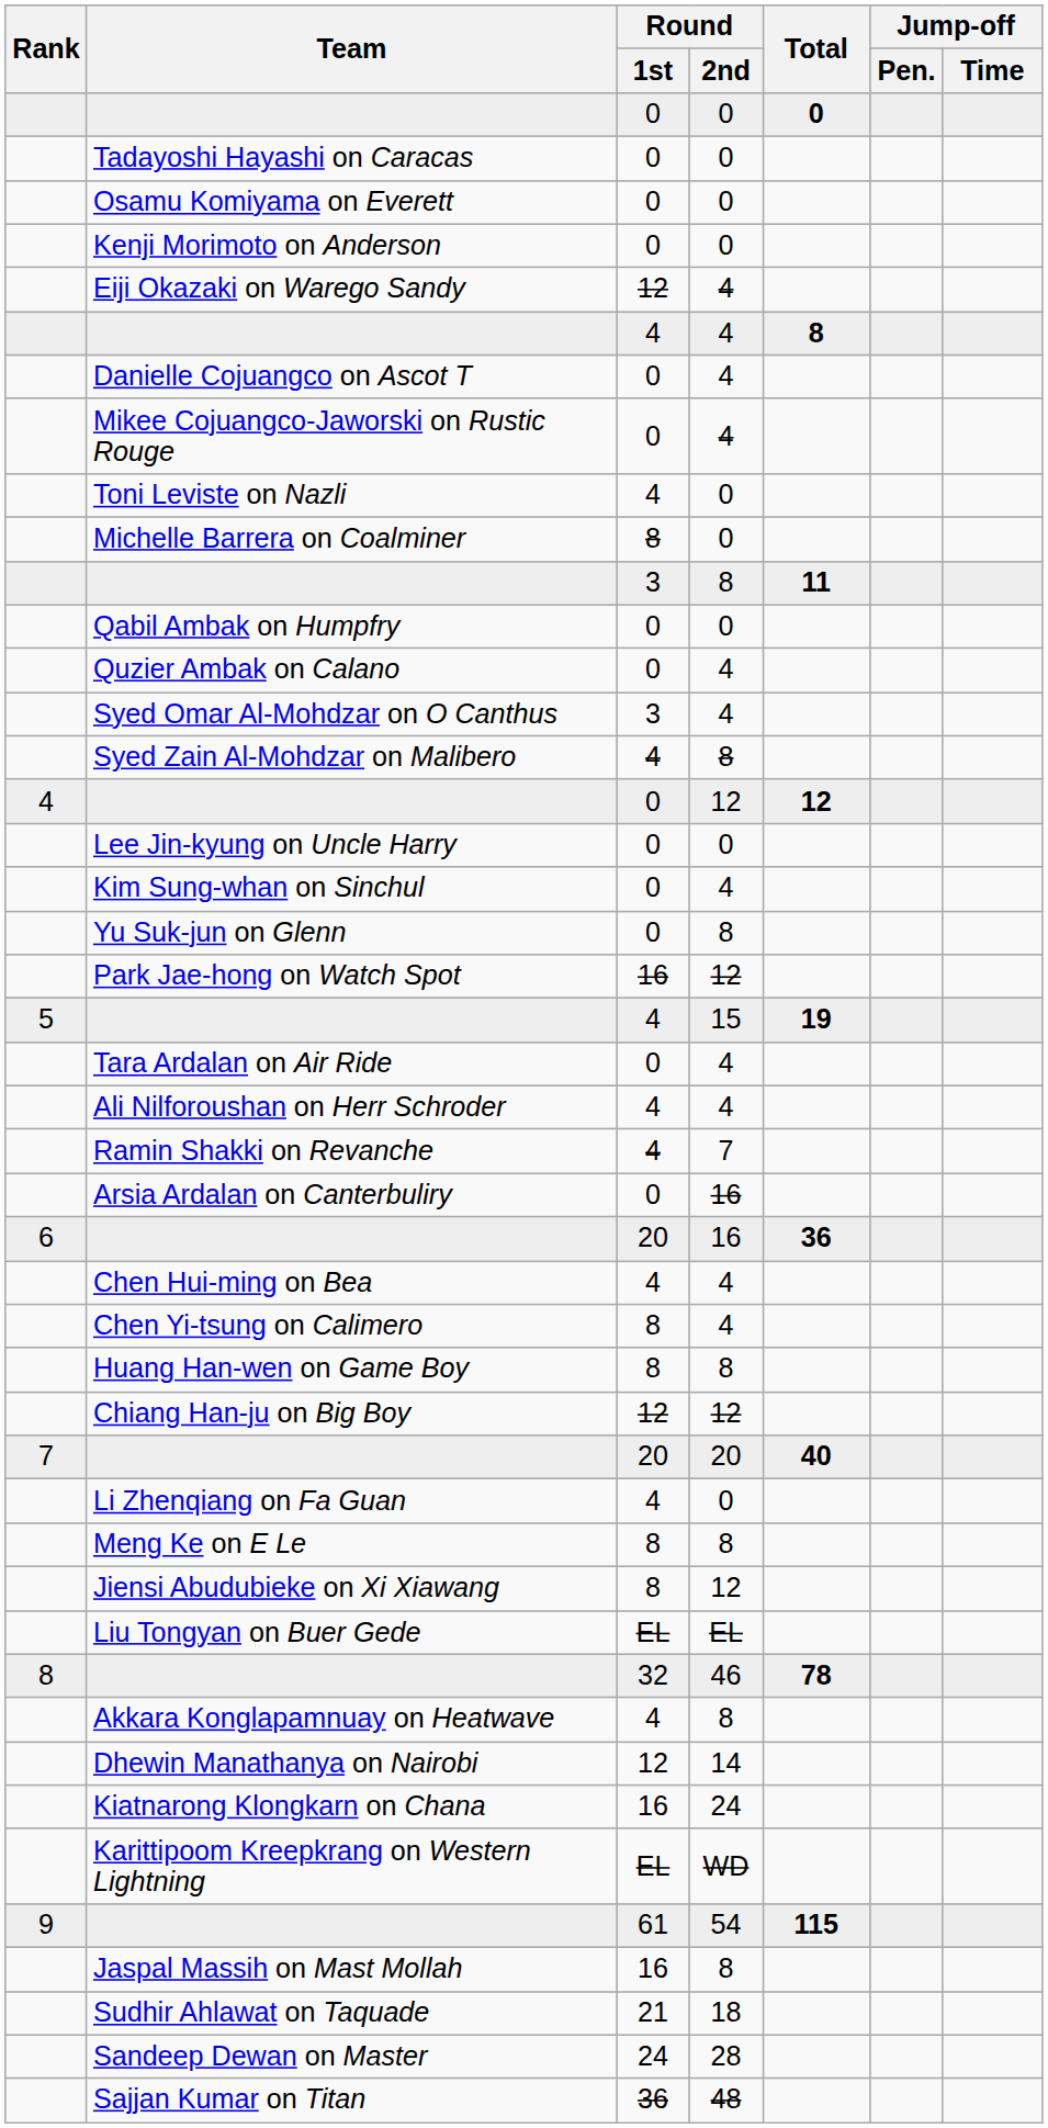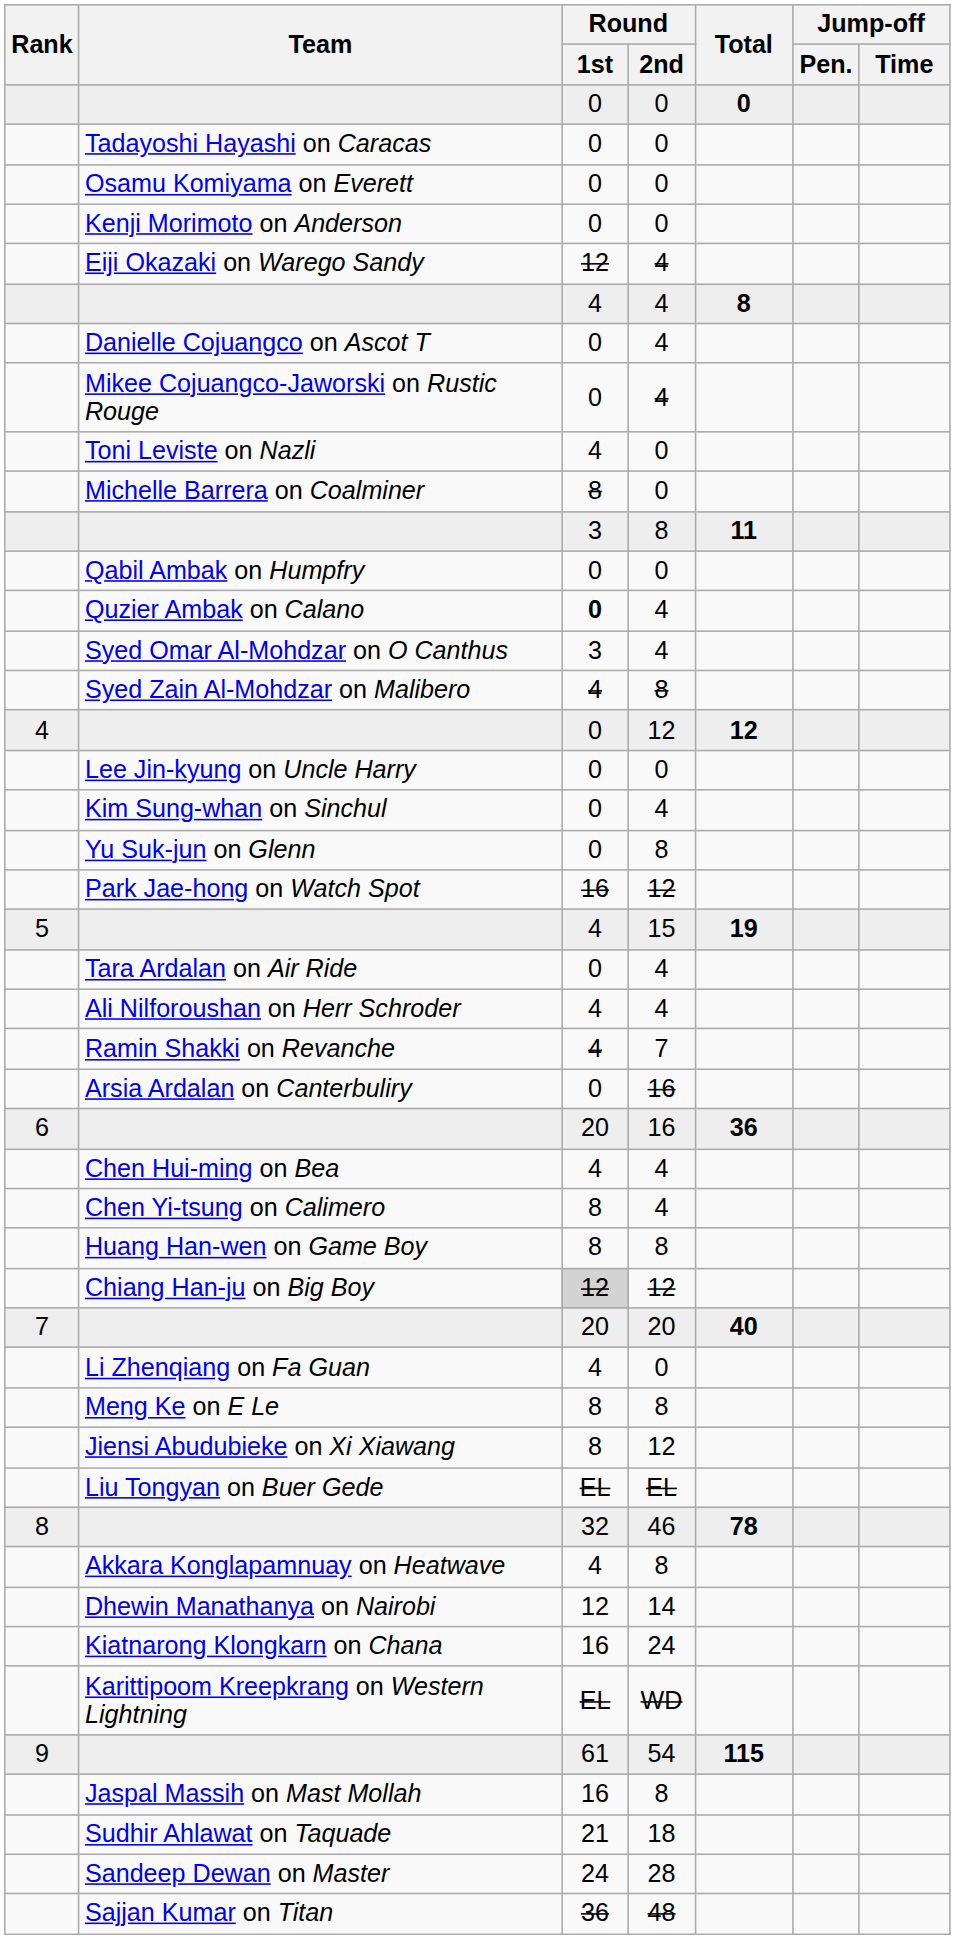 <table class=wikitable style="text-align:center">
 <tr>
 <th rowspan=2 width=40>Rank</th>
 <th rowspan=2 width=300>Team</th>
 <th colspan=2>Round</th>
 <th rowspan=2 width=55>Total</th>
 <th colspan=2>Jump-off</th>
 </tr>
 <tr>
 <th width=35>1st</th>
 <th width=35>2nd</th>
 <th width=35>Pen.</th>
 <th width=50>Time</th>
 </tr>
 <tr bgcolor=eeeeee>
 <td></td>
 <td align=left></td>
 <td>0</td>
 <td>0</td>
 <td><strong>0</strong></td>
 <td></td>
 <td></td>
 </tr>
 <tr>
 <td></td>
 <td align=left><a href='#'>Tadayoshi Hayashi</a> on <em>Caracas</em></td>
 <td>0</td>
 <td>0</td>
 <td></td>
 <td></td>
 <td></td>
 </tr>
 <tr>
 <td></td>
 <td align=left><a href='#'>Osamu Komiyama</a> on <em>Everett</em></td>
 <td>0</td>
 <td>0</td>
 <td></td>
 <td></td>
 <td></td>
 </tr>
 <tr>
 <td></td>
 <td align=left><a href='#'>Kenji Morimoto</a> on <em>Anderson</em></td>
 <td>0</td>
 <td>0</td>
 <td></td>
 <td></td>
 <td></td>
 </tr>
 <tr>
 <td></td>
 <td align=left><a href='#'>Eiji Okazaki</a> on <em>Warego Sandy</em></td>
 <td><s>12</s></td>
 <td><s>4</s></td>
 <td></td>
 <td></td>
 <td></td>
 </tr>
 <tr bgcolor=eeeeee>
 <td></td>
 <td align=left></td>
 <td>4</td>
 <td>4</td>
 <td><strong>8</strong></td>
 <td></td>
 <td></td>
 </tr>
 <tr>
 <td></td>
 <td align=left><a href='#'>Danielle Cojuangco</a> on <em>Ascot T</em></td>
 <td>0</td>
 <td>4</td>
 <td></td>
 <td></td>
 <td></td>
 </tr>
 <tr>
 <td></td>
 <td align=left><a href='#'>Mikee Cojuangco-Jaworski</a> on <em>Rustic Rouge</em></td>
 <td>0</td>
 <td><s>4</s></td>
 <td></td>
 <td></td>
 <td></td>
 </tr>
 <tr>
 <td></td>
 <td align=left><a href='#'>Toni Leviste</a> on <em>Nazli</em></td>
 <td>4</td>
 <td>0</td>
 <td></td>
 <td></td>
 <td></td>
 </tr>
 <tr>
 <td></td>
 <td align=left><a href='#'>Michelle Barrera</a> on <em>Coalminer</em></td>
 <td><s>8</s></td>
 <td>0</td>
 <td></td>
 <td></td>
 <td></td>
 </tr>
 <tr bgcolor=eeeeee>
 <td></td>
 <td align=left></td>
 <td>3</td>
 <td>8</td>
 <td><strong>11</strong></td>
 <td></td>
 <td></td>
 </tr>
 <tr>
 <td></td>
 <td align=left><a href='#'>Qabil Ambak</a> on <em>Humpfry</em></td>
 <td>0</td>
 <td>0</td>
 <td></td>
 <td></td>
 <td></td>
 </tr>
 <tr>
 <td></td>
 <td align=left><a href='#'>Quzier Ambak</a> on <em>Calano</em></td>
-<td>0</td>
+<td><strong>0</strong></td>
 <td>4</td>
 <td></td>
 <td></td>
 <td></td>
 </tr>
 <tr>
 <td></td>
 <td align=left><a href='#'>Syed Omar Al-Mohdzar</a> on <em>O Canthus</em></td>
 <td>3</td>
 <td>4</td>
 <td></td>
 <td></td>
 <td></td>
 </tr>
 <tr>
 <td></td>
 <td align=left><a href='#'>Syed Zain Al-Mohdzar</a> on <em>Malibero</em></td>
 <td><s>4</s></td>
 <td><s>8</s></td>
 <td></td>
 <td></td>
 <td></td>
 </tr>
 <tr bgcolor=eeeeee>
 <td>4</td>
 <td align=left></td>
 <td>0</td>
 <td>12</td>
 <td><strong>12</strong></td>
 <td></td>
 <td></td>
 </tr>
 <tr>
 <td></td>
 <td align=left><a href='#'>Lee Jin-kyung</a> on <em>Uncle Harry</em></td>
 <td>0</td>
 <td>0</td>
 <td></td>
 <td></td>
 <td></td>
 </tr>
 <tr>
 <td></td>
 <td align=left><a href='#'>Kim Sung-whan</a> on <em>Sinchul</em></td>
 <td>0</td>
 <td>4</td>
 <td></td>
 <td></td>
 <td></td>
 </tr>
 <tr>
 <td></td>
 <td align=left><a href='#'>Yu Suk-jun</a> on <em>Glenn</em></td>
 <td>0</td>
 <td>8</td>
 <td></td>
 <td></td>
 <td></td>
 </tr>
 <tr>
 <td></td>
 <td align=left><a href='#'>Park Jae-hong</a> on <em>Watch Spot</em></td>
 <td><s>16</s></td>
 <td><s>12</s></td>
 <td></td>
 <td></td>
 <td></td>
 </tr>
 <tr bgcolor=eeeeee>
 <td>5</td>
 <td align=left></td>
 <td>4</td>
 <td>15</td>
 <td><strong>19</strong></td>
 <td></td>
 <td></td>
 </tr>
 <tr>
 <td></td>
 <td align=left><a href='#'>Tara Ardalan</a> on <em>Air Ride</em></td>
 <td>0</td>
 <td>4</td>
 <td></td>
 <td></td>
 <td></td>
 </tr>
 <tr>
 <td></td>
 <td align=left><a href='#'>Ali Nilforoushan</a> on <em>Herr Schroder</em></td>
 <td>4</td>
 <td>4</td>
 <td></td>
 <td></td>
 <td></td>
 </tr>
 <tr>
 <td></td>
 <td align=left><a href='#'>Ramin Shakki</a> on <em>Revanche</em></td>
 <td><s>4</s></td>
 <td>7</td>
 <td></td>
 <td></td>
 <td></td>
 </tr>
 <tr>
 <td></td>
 <td align=left><a href='#'>Arsia Ardalan</a> on <em>Canterbuliry</em></td>
 <td>0</td>
 <td><s>16</s></td>
 <td></td>
 <td></td>
 <td></td>
 </tr>
 <tr bgcolor=eeeeee>
 <td>6</td>
 <td align=left></td>
 <td>20</td>
 <td>16</td>
 <td><strong>36</strong></td>
 <td></td>
 <td></td>
 </tr>
 <tr>
 <td></td>
 <td align=left><a href='#'>Chen Hui-ming</a> on <em>Bea</em></td>
 <td>4</td>
 <td>4</td>
 <td></td>
 <td></td>
 <td></td>
 </tr>
 <tr>
 <td></td>
 <td align=left><a href='#'>Chen Yi-tsung</a> on <em>Calimero</em></td>
 <td>8</td>
 <td>4</td>
 <td></td>
 <td></td>
 <td></td>
 </tr>
 <tr>
 <td></td>
 <td align=left><a href='#'>Huang Han-wen</a> on <em>Game Boy</em></td>
 <td>8</td>
 <td>8</td>
 <td></td>
 <td></td>
 <td></td>
 </tr>
 <tr>
 <td></td>
 <td align=left><a href='#'>Chiang Han-ju</a> on <em>Big Boy</em></td>
-<td><s>12</s></td>
+<td style="background: lightgrey;"><s>12</s></td>
 <td><s>12</s></td>
 <td></td>
 <td></td>
 <td></td>
 </tr>
 <tr bgcolor=eeeeee>
 <td>7</td>
 <td align=left></td>
 <td>20</td>
 <td>20</td>
 <td><strong>40</strong></td>
 <td></td>
 <td></td>
 </tr>
 <tr>
 <td></td>
 <td align=left><a href='#'>Li Zhenqiang</a> on <em>Fa Guan</em></td>
 <td>4</td>
 <td>0</td>
 <td></td>
 <td></td>
 <td></td>
 </tr>
 <tr>
 <td></td>
 <td align=left><a href='#'>Meng Ke</a> on <em>E Le</em></td>
 <td>8</td>
 <td>8</td>
 <td></td>
 <td></td>
 <td></td>
 </tr>
 <tr>
 <td></td>
 <td align=left><a href='#'>Jiensi Abudubieke</a> on <em>Xi Xiawang</em></td>
 <td>8</td>
 <td>12</td>
 <td></td>
 <td></td>
 <td></td>
 </tr>
 <tr>
 <td></td>
 <td align=left><a href='#'>Liu Tongyan</a> on <em>Buer Gede</em></td>
 <td><s>EL</s></td>
 <td><s>EL</s></td>
 <td></td>
 <td></td>
 <td></td>
 </tr>
 <tr bgcolor=eeeeee>
 <td>8</td>
 <td align=left></td>
 <td>32</td>
 <td>46</td>
 <td><strong>78</strong></td>
 <td></td>
 <td></td>
 </tr>
 <tr>
 <td></td>
 <td align=left><a href='#'>Akkara Konglapamnuay</a> on <em>Heatwave</em></td>
 <td>4</td>
 <td>8</td>
 <td></td>
 <td></td>
 <td></td>
 </tr>
 <tr>
 <td></td>
 <td align=left><a href='#'>Dhewin Manathanya</a> on <em>Nairobi</em></td>
 <td>12</td>
 <td>14</td>
 <td></td>
 <td></td>
 <td></td>
 </tr>
 <tr>
 <td></td>
 <td align=left><a href='#'>Kiatnarong Klongkarn</a> on <em>Chana</em></td>
 <td>16</td>
 <td>24</td>
 <td></td>
 <td></td>
 <td></td>
 </tr>
 <tr>
 <td></td>
 <td align=left><a href='#'>Karittipoom Kreepkrang</a> on <em>Western Lightning</em></td>
 <td><s>EL</s></td>
 <td><s>WD</s></td>
 <td></td>
 <td></td>
 <td></td>
 </tr>
 <tr bgcolor=eeeeee>
 <td>9</td>
 <td align=left></td>
 <td>61</td>
 <td>54</td>
 <td><strong>115</strong></td>
 <td></td>
 <td></td>
 </tr>
 <tr>
 <td></td>
 <td align=left><a href='#'>Jaspal Massih</a> on <em>Mast Mollah</em></td>
 <td>16</td>
 <td>8</td>
 <td></td>
 <td></td>
 <td></td>
 </tr>
 <tr>
 <td></td>
 <td align=left><a href='#'>Sudhir Ahlawat</a> on <em>Taquade</em></td>
 <td>21</td>
 <td>18</td>
 <td></td>
 <td></td>
 <td></td>
 </tr>
 <tr>
 <td></td>
 <td align=left><a href='#'>Sandeep Dewan</a> on <em>Master</em></td>
 <td>24</td>
 <td>28</td>
 <td></td>
 <td></td>
 <td></td>
 </tr>
 <tr>
 <td></td>
 <td align=left><a href='#'>Sajjan Kumar</a> on <em>Titan</em></td>
 <td><s>36</s></td>
 <td><s>48</s></td>
 <td></td>
 <td></td>
 <td></td>
 </tr>
 </table>
